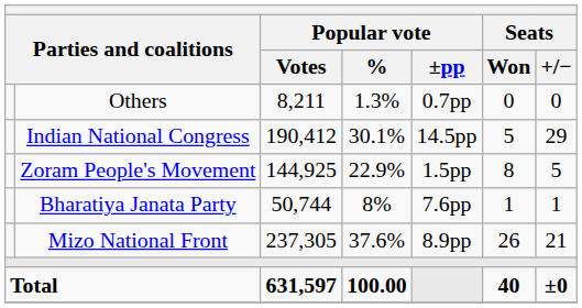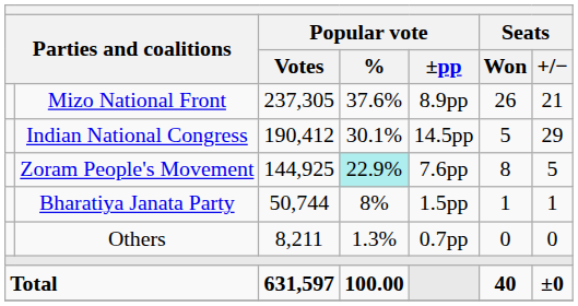 <table class="wikitable" style="text-align:center">
 <tr>
 <th colspan=7></th>
 </tr>
 <tr>
 <th colspan="2" rowspan="2">Parties and coalitions</th>
 <th colspan="3">Popular vote</th>
 <th colspan="2">Seats</th>
 </tr>
 <tr>
 <th>Votes</th>
 <th>%</th>
 <th>±<a href='#'>pp</a></th>
 <th>Won</th>
 <th><strong>+/−</strong></th>
 </tr>
 <tr>
 <td></td>
-<td>Others</td>
-<td>8,211</td>
-<td>1.3%</td>
-<td>0.7pp</td>
-<td>0</td>
-<td>0</td>
+<td><a href='#'>Mizo National Front</a></td>
+<td>237,305</td>
+<td>37.6%</td>
+<td>8.9pp</td>
+<td>26</td>
+<td>21</td>
 </tr>
 <tr>
 <td></td>
 <td><a href='#'>Indian National Congress</a></td>
 <td>190,412</td>
 <td>30.1%</td>
 <td>14.5pp</td>
 <td>5</td>
 <td>29</td>
 </tr>
 <tr>
 <td></td>
 <td><a href='#'>Zoram People's Movement</a></td>
 <td>144,925</td>
-<td>22.9%</td>
-<td>1.5pp</td>
+<td style="background: paleturquoise;">22.9%</td>
+<td>7.6pp</td>
 <td>8</td>
 <td>5</td>
 </tr>
 <tr>
 <td></td>
 <td><a href='#'>Bharatiya Janata Party</a></td>
 <td>50,744</td>
 <td>8%</td>
-<td>7.6pp</td>
+<td>1.5pp</td>
 <td>1</td>
 <td>1</td>
 </tr>
 <tr>
 <td></td>
-<td><a href='#'>Mizo National Front</a></td>
-<td>237,305</td>
-<td>37.6%</td>
-<td>8.9pp</td>
-<td>26</td>
-<td>21</td>
+<td>Others</td>
+<td>8,211</td>
+<td>1.3%</td>
+<td>0.7pp</td>
+<td>0</td>
+<td>0</td>
 </tr>
 <tr>
 <td colspan="7" bgcolor="#E9E9E9"></td>
 </tr>
 <tr style="font-weight:bold;">
 <td align="left" colspan="2">Total</td>
 <td>631,597</td>
 <td>100.00</td>
 <td bgcolor="#E9E9E9"></td>
 <td>40</td>
 <td>±0</td>
 </tr>
 <tr>
 </tr>
 </table>
